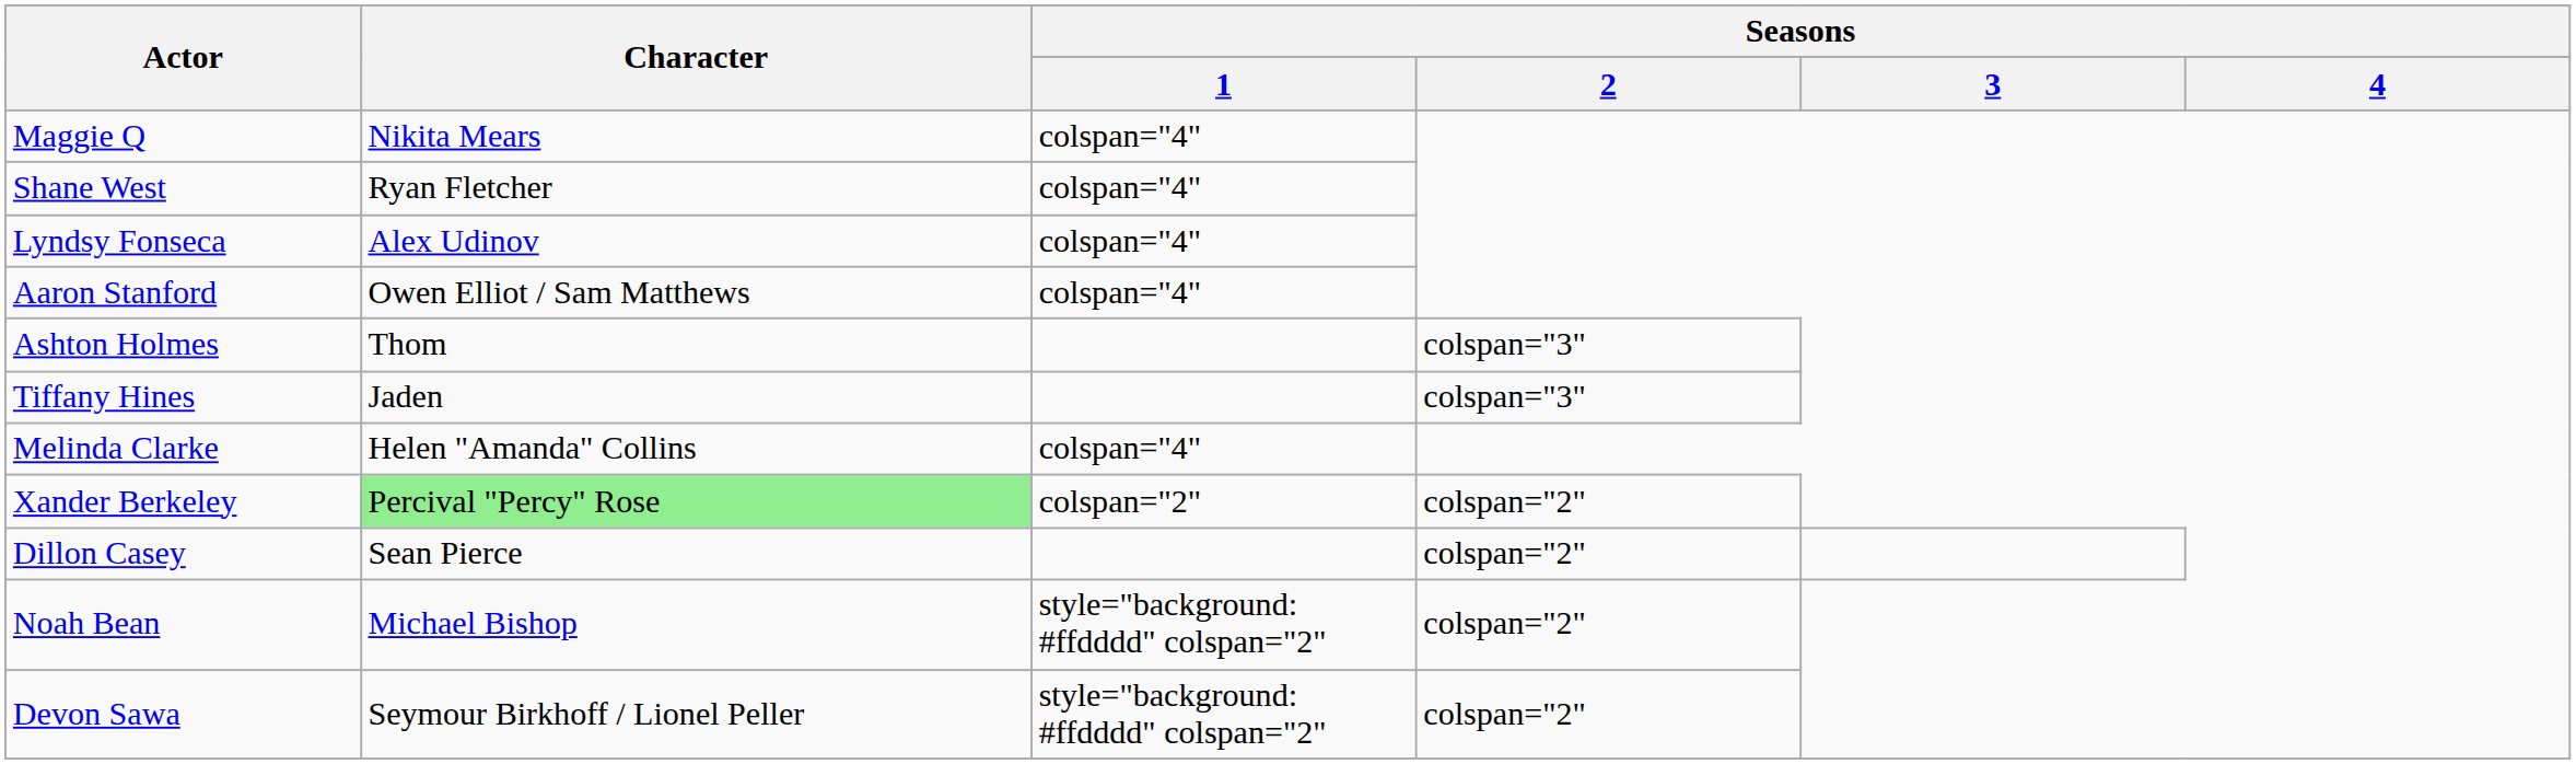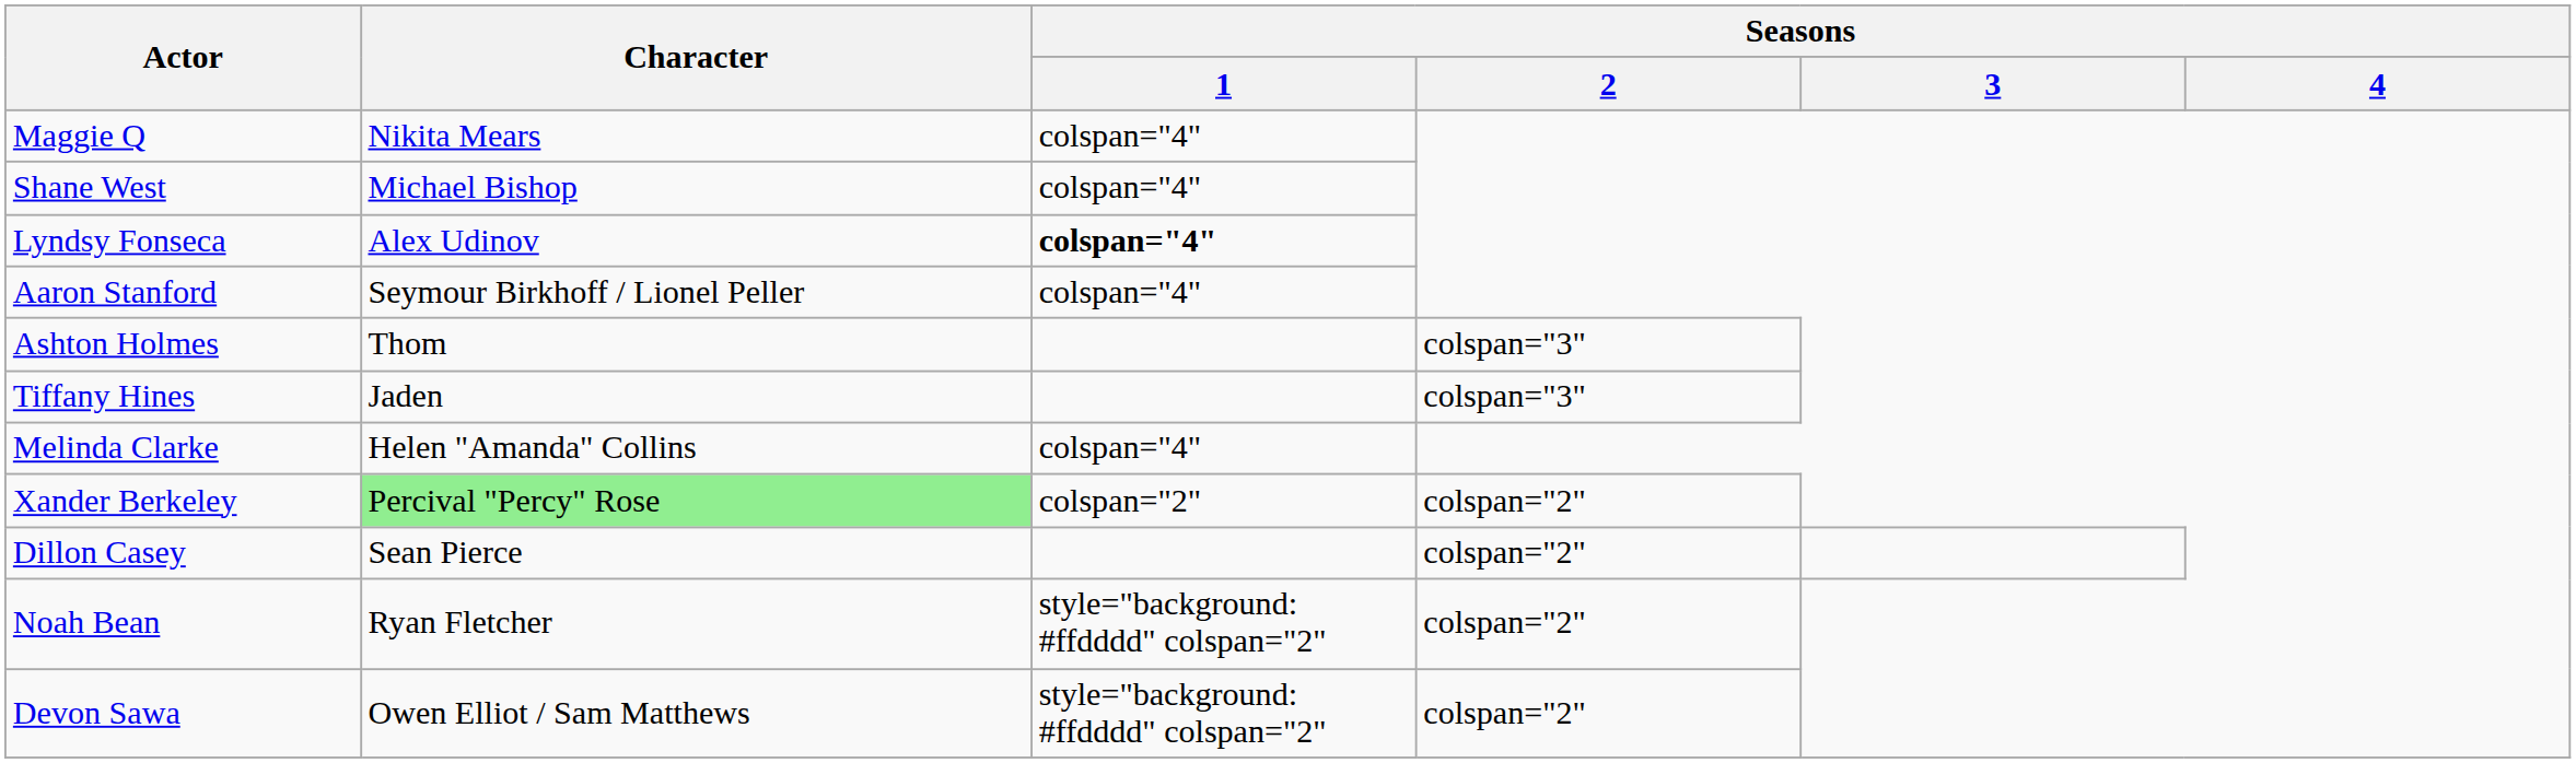 <table class="wikitable">
 <tr>
 <th rowspan="2">Actor</th>
 <th rowspan="2">Character</th>
 <th colspan="4">Seasons</th>
 </tr>
 <tr>
 <th style="width:15%;"><a href='#'>1</a></th>
 <th style="width:15%;"><a href='#'>2</a></th>
 <th style="width:15%;"><a href='#'>3</a></th>
 <th style="width:15%;"><a href='#'>4</a></th>
 </tr>
 <tr>
 <td><a href='#'>Maggie Q</a></td>
 <td><a href='#'>Nikita Mears</a></td>
 <td>colspan="4" </td>
 </tr>
 <tr>
 <td><a href='#'>Shane West</a></td>
-<td>Ryan Fletcher</td>
+<td><a href='#'>Michael Bishop</a></td>
 <td>colspan="4" </td>
 </tr>
 <tr>
 <td><a href='#'>Lyndsy Fonseca</a></td>
 <td><a href='#'>Alex Udinov</a></td>
-<td>colspan="4" </td>
+<td><strong>colspan="4" </strong></td>
 </tr>
 <tr>
 <td><a href='#'>Aaron Stanford</a></td>
-<td>Owen Elliot / Sam Matthews</td>
+<td>Seymour Birkhoff / Lionel Peller</td>
 <td>colspan="4" </td>
 </tr>
 <tr>
 <td><a href='#'>Ashton Holmes</a></td>
 <td>Thom</td>
 <td></td>
 <td>colspan="3" </td>
 </tr>
 <tr>
 <td><a href='#'>Tiffany Hines</a></td>
 <td>Jaden</td>
 <td></td>
 <td>colspan="3" </td>
 </tr>
 <tr>
 <td><a href='#'>Melinda Clarke</a></td>
 <td>Helen "Amanda" Collins</td>
 <td>colspan="4" </td>
 </tr>
 <tr>
 <td><a href='#'>Xander Berkeley</a></td>
 <td style="background: lightgreen;">Percival "Percy" Rose</td>
 <td>colspan="2" </td>
 <td>colspan="2" </td>
 </tr>
 <tr>
 <td><a href='#'>Dillon Casey</a></td>
 <td>Sean Pierce</td>
 <td></td>
 <td>colspan="2" </td>
 <td></td>
 </tr>
 <tr>
 <td><a href='#'>Noah Bean</a></td>
-<td><a href='#'>Michael Bishop</a></td>
+<td>Ryan Fletcher</td>
 <td>style="background: #ffdddd" colspan="2" </td>
 <td>colspan="2" </td>
 </tr>
 <tr>
 <td><a href='#'>Devon Sawa</a></td>
-<td>Seymour Birkhoff / Lionel Peller</td>
+<td>Owen Elliot / Sam Matthews</td>
 <td>style="background: #ffdddd" colspan="2" </td>
 <td>colspan="2" </td>
 </tr>
 </table>
